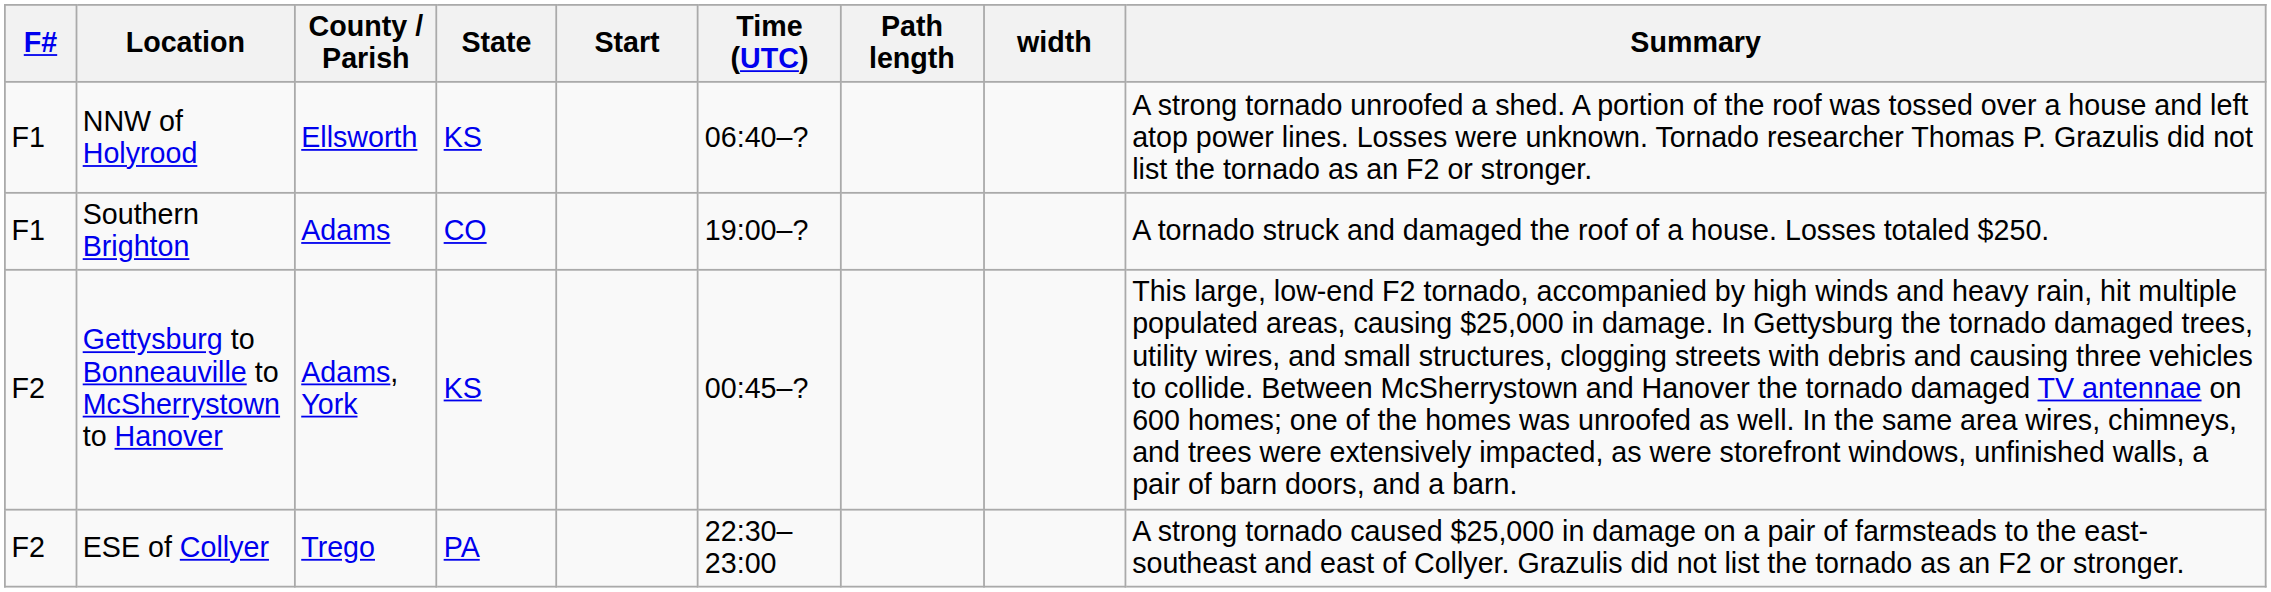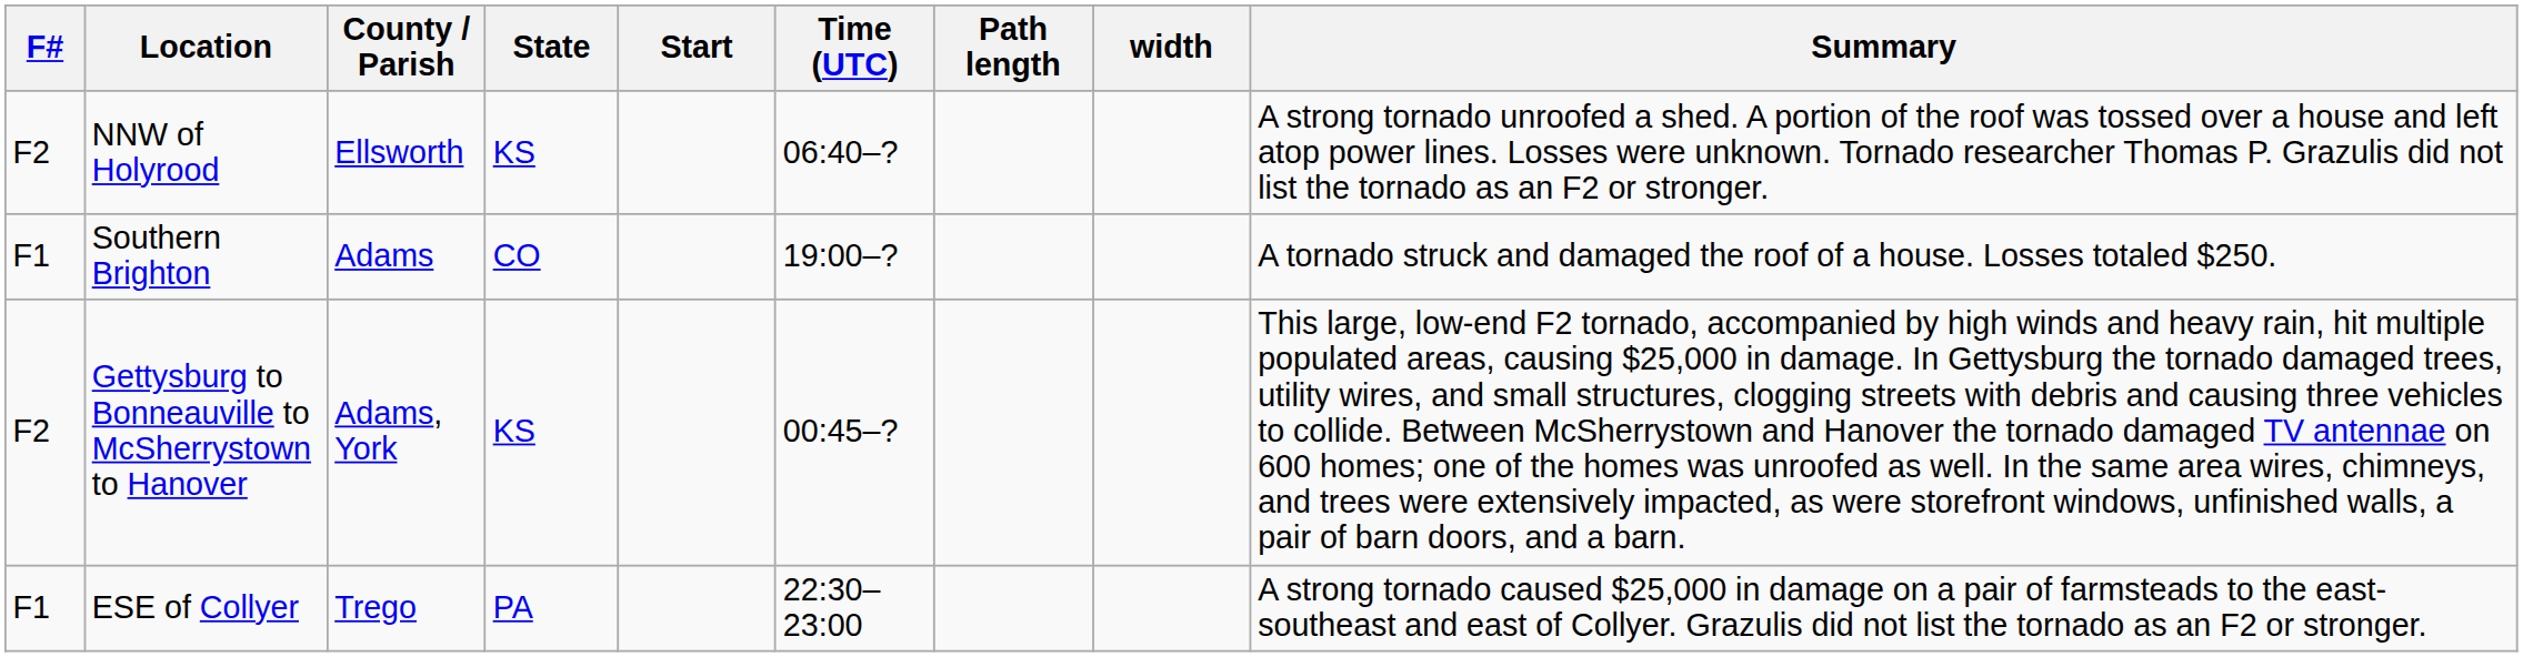 <table class="wikitable sortable" style="width:100%;">
 <tr>
 <th scope="col"  style="width:3%; text-align:center;"><a href='#'>F#</a></th>
 <th scope="col"  style="width:7%; text-align:center;" class="unsortable">Location</th>
 <th scope="col"  style="width:6%; text-align:center;" class="unsortable">County / Parish</th>
 <th scope="col"  style="width:5%; text-align:center;">State</th>
 <th scope="col"  style="width:6%; text-align:center;">Start<br></th>
 <th scope="col"  style="width:6%; text-align:center;">Time (<a href='#'>UTC</a>)</th>
 <th scope="col"  style="width:6%; text-align:center;">Path length</th>
 <th scope="col"  style="width:6%; text-align:center;"> width</th>
 <th scope="col" class="unsortable" style="width:48%; text-align:center;">Summary</th>
 </tr>
 <tr>
-<td>F1</td>
+<td>F2</td>
 <td>NNW of <a href='#'>Holyrood</a></td>
 <td><a href='#'>Ellsworth</a></td>
 <td><a href='#'>KS</a></td>
 <td></td>
 <td>06:40–?</td>
 <td></td>
 <td></td>
 <td>A strong tornado unroofed a shed. A portion of the roof was tossed over a house and left atop power lines. Losses were unknown. Tornado researcher Thomas P. Grazulis did not list the tornado as an F2 or stronger.</td>
 </tr>
 <tr>
 <td>F1</td>
 <td>Southern <a href='#'>Brighton</a></td>
 <td><a href='#'>Adams</a></td>
 <td><a href='#'>CO</a></td>
 <td></td>
 <td>19:00–?</td>
 <td></td>
 <td></td>
 <td>A tornado struck and damaged the roof of a house. Losses totaled $250.</td>
 </tr>
 <tr>
 <td>F2</td>
 <td><a href='#'>Gettysburg</a> to <a href='#'>Bonneauville</a> to <a href='#'>McSherrystown</a> to <a href='#'>Hanover</a></td>
 <td><a href='#'>Adams</a>, <a href='#'>York</a></td>
 <td><a href='#'>KS</a></td>
 <td></td>
 <td>00:45–?</td>
 <td></td>
 <td></td>
 <td>This large, low-end F2 tornado, accompanied by high winds and heavy rain, hit multiple populated areas, causing $25,000 in damage. In Gettysburg the tornado damaged trees, utility wires, and small structures, clogging streets with debris and causing three vehicles to collide. Between McSherrystown and Hanover the tornado damaged <a href='#'>TV antennae</a> on 600 homes; one of the homes was unroofed as well. In the same area wires, chimneys, and trees were extensively impacted, as were storefront windows, unfinished walls, a pair of barn doors, and a barn.</td>
 </tr>
 <tr>
-<td>F2</td>
+<td>F1</td>
 <td>ESE of <a href='#'>Collyer</a></td>
 <td><a href='#'>Trego</a></td>
 <td><a href='#'>PA</a></td>
 <td></td>
 <td>22:30–23:00</td>
 <td></td>
 <td></td>
 <td>A strong tornado caused $25,000 in damage on a pair of farmsteads to the east-southeast and east of Collyer. Grazulis did not list the tornado as an F2 or stronger.</td>
 </tr>
 </table>
